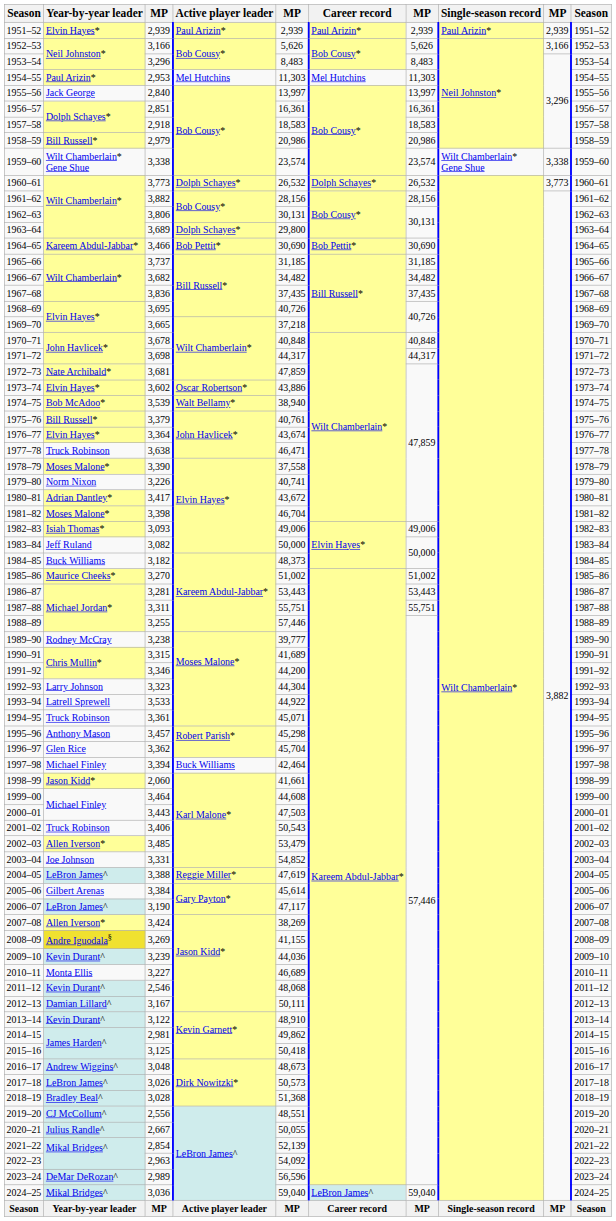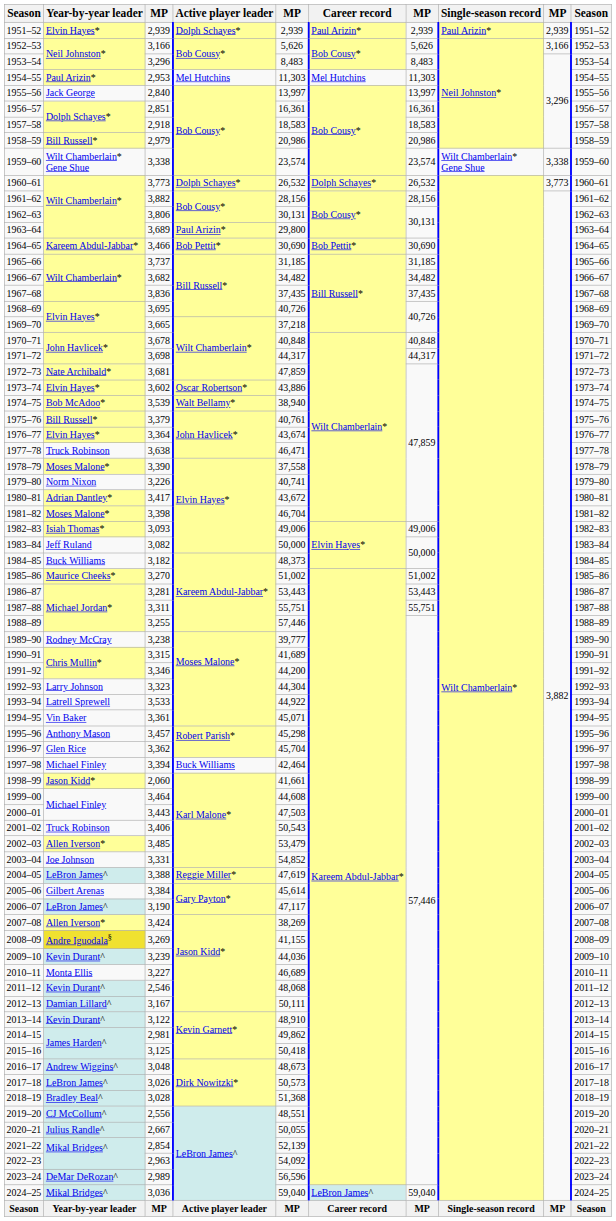 <table class="wikitable">
 <tr style="font-size:115%;">
 <th>Season</th>
 <th>Year-by-year leader</th>
 <th>MP</th>
 <th>Active player leader</th>
 <th>MP</th>
 <th>Career record</th>
 <th>MP</th>
 <th>Single-season record</th>
 <th>MP</th>
 <th>Season</th>
 </tr>
 <tr>
 <td>1951–52</td>
 <td bgcolor="#FFFF99"><a href='#'>Elvin Hayes</a>*</td>
 <td align=center style="border-right: solid blue">2,939</td>
-<td bgcolor="#FFFF99"><a href='#'>Paul Arizin</a>*</td>
+<td bgcolor="#FFFF99"><a href='#'>Dolph Schayes</a>*</td>
 <td align=center style="border-right: solid blue">2,939</td>
 <td bgcolor="#FFFF99"><a href='#'>Paul Arizin</a>*</td>
 <td align=center style="border-right: solid blue">2,939</td>
 <td bgcolor="#FFFF99"><a href='#'>Paul Arizin</a>*</td>
 <td align=center style="border-right: solid blue">2,939</td>
 <td>1951–52</td>
 </tr>
 <tr>
 <td>1952–53</td>
 <td rowspan=2 bgcolor="#FFFF99"><a href='#'>Neil Johnston</a>*</td>
 <td align=center style="border-right: solid blue">3,166</td>
 <td rowspan=2 bgcolor="#FFFF99"><a href='#'>Bob Cousy</a>*</td>
 <td align=center style="border-right: solid blue">5,626</td>
 <td rowspan=2 bgcolor="#FFFF99"><a href='#'>Bob Cousy</a>*</td>
 <td align=center style="border-right: solid blue">5,626</td>
 <td rowspan=7 bgcolor="#FFFF99"><a href='#'>Neil Johnston</a>*</td>
 <td align=center style="border-right: solid blue">3,166</td>
 <td>1952–53</td>
 </tr>
 <tr>
 <td>1953–54</td>
 <td align=center style="border-right: solid blue">3,296</td>
 <td align=center style="border-right: solid blue">8,483</td>
 <td align=center style="border-right: solid blue">8,483</td>
 <td rowspan=6 align=center style="border-right: solid blue">3,296</td>
 <td>1953–54</td>
 </tr>
 <tr>
 <td>1954–55</td>
 <td bgcolor="#FFFF99"><a href='#'>Paul Arizin</a>*</td>
 <td align=center style="border-right: solid blue">2,953</td>
 <td><a href='#'>Mel Hutchins</a></td>
 <td align=center style="border-right: solid blue">11,303</td>
 <td><a href='#'>Mel Hutchins</a></td>
 <td align=center style="border-right: solid blue">11,303</td>
 <td>1954–55</td>
 </tr>
 <tr>
 <td>1955–56</td>
 <td><a href='#'>Jack George</a></td>
 <td align=center style="border-right: solid blue">2,840</td>
 <td rowspan=5 bgcolor="#FFFF99"><a href='#'>Bob Cousy</a>*</td>
 <td align=center style="border-right: solid blue">13,997</td>
 <td rowspan=5 bgcolor="#FFFF99"><a href='#'>Bob Cousy</a>*</td>
 <td align=center style="border-right: solid blue">13,997</td>
 <td>1955–56</td>
 </tr>
 <tr>
 <td>1956–57</td>
 <td rowspan=2 bgcolor="#FFFF99"><a href='#'>Dolph Schayes</a>*</td>
 <td align=center style="border-right: solid blue">2,851</td>
 <td align=center style="border-right: solid blue">16,361</td>
 <td align=center style="border-right: solid blue">16,361</td>
 <td>1956–57</td>
 </tr>
 <tr>
 <td>1957–58</td>
 <td align=center style="border-right: solid blue">2,918</td>
 <td align=center style="border-right: solid blue">18,583</td>
 <td align=center style="border-right: solid blue">18,583</td>
 <td>1957–58</td>
 </tr>
 <tr>
 <td>1958–59</td>
 <td bgcolor="#FFFF99"><a href='#'>Bill Russell</a>*</td>
 <td align=center style="border-right: solid blue">2,979</td>
 <td align=center style="border-right: solid blue">20,986</td>
 <td align=center style="border-right: solid blue">20,986</td>
 <td>1958–59</td>
 </tr>
 <tr>
 <td>1959–60</td>
 <td><div><a href='#'>Wilt Chamberlain</a>*</div><a href='#'>Gene Shue</a></td>
 <td align=center style="border-right: solid blue">3,338</td>
 <td align=center style="border-right: solid blue">23,574</td>
 <td align=center style="border-right: solid blue">23,574</td>
 <td><div><a href='#'>Wilt Chamberlain</a>*</div><a href='#'>Gene Shue</a></td>
 <td align=center style="border-right: solid blue">3,338</td>
 <td>1959–60</td>
 </tr>
 <tr>
 <td>1960–61</td>
 <td rowspan=4 bgcolor="#FFFF99"><a href='#'>Wilt Chamberlain</a>*<br><br></td>
 <td align=center style="border-right: solid blue">3,773</td>
 <td bgcolor="#FFFF99"><a href='#'>Dolph Schayes</a>*</td>
 <td align=center style="border-right: solid blue">26,532</td>
 <td bgcolor="#FFFF99"><a href='#'>Dolph Schayes</a>*</td>
 <td align=center style="border-right: solid blue">26,532</td>
 <td rowspan=65 bgcolor="#FFFF99"><a href='#'>Wilt Chamberlain</a>*</td>
 <td align=center style="border-right: solid blue">3,773</td>
 <td>1960–61</td>
 </tr>
 <tr>
 <td>1961–62</td>
 <td align=center style="border-right: solid blue">3,882</td>
 <td rowspan=2 bgcolor="#FFFF99"><a href='#'>Bob Cousy</a>*</td>
 <td align=center style="border-right: solid blue">28,156</td>
 <td rowspan=3 bgcolor="#FFFF99"><a href='#'>Bob Cousy</a>*</td>
 <td align=center style="border-right: solid blue">28,156</td>
 <td rowspan=64 align=center style="border-right: solid blue">3,882</td>
 <td>1961–62</td>
 </tr>
 <tr>
 <td>1962–63</td>
 <td align=center style="border-right: solid blue">3,806</td>
 <td align=center style="border-right: solid blue">30,131</td>
 <td rowspan=2 align=center style="border-right: solid blue">30,131</td>
 <td>1962–63</td>
 </tr>
 <tr>
 <td>1963–64</td>
 <td align=center style="border-right: solid blue">3,689</td>
-<td bgcolor="#FFFF99"><a href='#'>Dolph Schayes</a>*</td>
+<td bgcolor="#FFFF99"><a href='#'>Paul Arizin</a>*</td>
 <td align=center style="border-right: solid blue">29,800</td>
 <td>1963–64</td>
 </tr>
 <tr>
 <td>1964–65</td>
 <td bgcolor="#FFFF99"><a href='#'>Kareem Abdul-Jabbar</a>*</td>
 <td align=center style="border-right: solid blue">3,466</td>
 <td bgcolor="#FFFF99"><a href='#'>Bob Pettit</a>*</td>
 <td align=center style="border-right: solid blue">30,690</td>
 <td bgcolor="#FFFF99"><a href='#'>Bob Pettit</a>*</td>
 <td align=center style="border-right: solid blue">30,690</td>
 <td>1964–65</td>
 </tr>
 <tr>
 <td>1965–66</td>
 <td rowspan=3 bgcolor="#FFFF99"><a href='#'>Wilt Chamberlain</a>*</td>
 <td align=center style="border-right: solid blue">3,737</td>
 <td rowspan=4 bgcolor="#FFFF99"><a href='#'>Bill Russell</a>*</td>
 <td align=center style="border-right: solid blue">31,185</td>
 <td rowspan=5 bgcolor="#FFFF99"><a href='#'>Bill Russell</a>*</td>
 <td align=center style="border-right: solid blue">31,185</td>
 <td>1965–66</td>
 </tr>
 <tr>
 <td>1966–67</td>
 <td align=center style="border-right: solid blue">3,682</td>
 <td align=center style="border-right: solid blue">34,482</td>
 <td align=center style="border-right: solid blue">34,482</td>
 <td>1966–67</td>
 </tr>
 <tr>
 <td>1967–68</td>
 <td align=center style="border-right: solid blue">3,836</td>
 <td align=center style="border-right: solid blue">37,435</td>
 <td align=center style="border-right: solid blue">37,435</td>
 <td>1967–68</td>
 </tr>
 <tr>
 <td>1968–69</td>
 <td rowspan=2 bgcolor="#FFFF99"><a href='#'>Elvin Hayes</a>*</td>
 <td align=center style="border-right: solid blue">3,695</td>
 <td align=center style="border-right: solid blue">40,726</td>
 <td rowspan=2 align=center style="border-right: solid blue">40,726</td>
 <td>1968–69</td>
 </tr>
 <tr>
 <td>1969–70</td>
 <td align=center style="border-right: solid blue">3,665</td>
 <td rowspan=4 bgcolor="#FFFF99"><a href='#'>Wilt Chamberlain</a>*</td>
 <td align=center style="border-right: solid blue">37,218</td>
 <td>1969–70</td>
 </tr>
 <tr>
 <td>1970–71</td>
 <td rowspan=2 bgcolor="#FFFF99"><a href='#'>John Havlicek</a>*</td>
 <td align=center style="border-right: solid blue">3,678</td>
 <td align=center style="border-right: solid blue">40,848</td>
 <td rowspan=12 bgcolor="#FFFF99"><a href='#'>Wilt Chamberlain</a>*</td>
 <td align=center style="border-right: solid blue">40,848</td>
 <td>1970–71</td>
 </tr>
 <tr>
 <td>1971–72</td>
 <td align=center style="border-right: solid blue">3,698</td>
 <td align=center style="border-right: solid blue">44,317</td>
 <td align=center style="border-right: solid blue">44,317</td>
 <td>1971–72</td>
 </tr>
 <tr>
 <td>1972–73</td>
 <td bgcolor="#FFFF99"><a href='#'>Nate Archibald</a>*</td>
 <td align=center style="border-right: solid blue">3,681</td>
 <td align=center style="border-right: solid blue">47,859</td>
 <td rowspan=10 align=center style="border-right: solid blue">47,859</td>
 <td>1972–73</td>
 </tr>
 <tr>
 <td>1973–74</td>
 <td bgcolor="#FFFF99"><a href='#'>Elvin Hayes</a>*</td>
 <td align=center style="border-right: solid blue">3,602</td>
 <td bgcolor="#FFFF99"><a href='#'>Oscar Robertson</a>*</td>
 <td align=center style="border-right: solid blue">43,886</td>
 <td>1973–74</td>
 </tr>
 <tr>
 <td>1974–75</td>
 <td bgcolor="#FFFF99"><a href='#'>Bob McAdoo</a>*</td>
 <td align=center style="border-right: solid blue">3,539</td>
 <td bgcolor="#FFFF99"><a href='#'>Walt Bellamy</a>*</td>
 <td align=center style="border-right: solid blue">38,940</td>
 <td>1974–75</td>
 </tr>
 <tr>
 <td>1975–76</td>
 <td bgcolor="#FFFF99"><a href='#'>Bill Russell</a>*</td>
 <td align=center style="border-right: solid blue">3,379</td>
 <td rowspan=3 bgcolor="#FFFF99"><a href='#'>John Havlicek</a>*</td>
 <td align=center style="border-right: solid blue">40,761</td>
 <td>1975–76</td>
 </tr>
 <tr>
 <td>1976–77</td>
 <td bgcolor="#FFFF99"><a href='#'>Elvin Hayes</a>*</td>
 <td align=center style="border-right: solid blue">3,364</td>
 <td align=center style="border-right: solid blue">43,674</td>
 <td>1976–77</td>
 </tr>
 <tr>
 <td>1977–78</td>
 <td><a href='#'>Truck Robinson</a></td>
 <td align=center style="border-right: solid blue">3,638</td>
 <td align=center style="border-right: solid blue">46,471</td>
 <td>1977–78</td>
 </tr>
 <tr>
 <td>1978–79</td>
 <td bgcolor="#FFFF99"><a href='#'>Moses Malone</a>*</td>
 <td align=center style="border-right: solid blue">3,390</td>
 <td rowspan=6 bgcolor="#FFFF99"><a href='#'>Elvin Hayes</a>*<br><br></td>
 <td align=center style="border-right: solid blue">37,558</td>
 <td>1978–79</td>
 </tr>
 <tr>
 <td>1979–80</td>
 <td><a href='#'>Norm Nixon</a></td>
 <td align=center style="border-right: solid blue">3,226</td>
 <td align=center style="border-right: solid blue">40,741</td>
 <td>1979–80</td>
 </tr>
 <tr>
 <td>1980–81</td>
 <td bgcolor="#FFFF99"><a href='#'>Adrian Dantley</a>*</td>
 <td align=center style="border-right: solid blue">3,417</td>
 <td align=center style="border-right: solid blue">43,672</td>
 <td>1980–81</td>
 </tr>
 <tr>
 <td>1981–82</td>
 <td bgcolor="#FFFF99"><a href='#'>Moses Malone</a>*</td>
 <td align=center style="border-right: solid blue">3,398</td>
 <td align=center style="border-right: solid blue">46,704</td>
 <td>1981–82</td>
 </tr>
 <tr>
 <td>1982–83</td>
 <td bgcolor="#FFFF99"><a href='#'>Isiah Thomas</a>*</td>
 <td align=center style="border-right: solid blue">3,093</td>
 <td align=center style="border-right: solid blue">49,006</td>
 <td rowspan=3 bgcolor="#FFFF99"><a href='#'>Elvin Hayes</a>*</td>
 <td align=center style="border-right: solid blue">49,006</td>
 <td>1982–83</td>
 </tr>
 <tr>
 <td>1983–84</td>
 <td><a href='#'>Jeff Ruland</a></td>
 <td align=center style="border-right: solid blue">3,082</td>
 <td align=center style="border-right: solid blue">50,000</td>
 <td rowspan=2 align=center style="border-right: solid blue">50,000</td>
 <td>1983–84</td>
 </tr>
 <tr>
 <td>1984–85</td>
 <td><a href='#'>Buck Williams</a></td>
 <td align=center style="border-right: solid blue">3,182</td>
 <td rowspan=5 bgcolor="#FFFF99"><a href='#'>Kareem Abdul-Jabbar</a>*<br></td>
 <td align=center style="border-right: solid blue">48,373</td>
 <td>1984–85</td>
 </tr>
 <tr>
 <td>1985–86</td>
 <td bgcolor="#FFFF99"><a href='#'>Maurice Cheeks</a>*</td>
 <td align=center style="border-right: solid blue">3,270</td>
 <td align=center style="border-right: solid blue">51,002</td>
 <td rowspan=39 bgcolor="#FFFF99"><a href='#'>Kareem Abdul-Jabbar</a>*</td>
 <td align=center style="border-right: solid blue">51,002</td>
 <td>1985–86</td>
 </tr>
 <tr>
 <td>1986–87</td>
 <td rowspan=3 bgcolor="#FFFF99"><a href='#'>Michael Jordan</a>*</td>
 <td align=center style="border-right: solid blue">3,281</td>
 <td align=center style="border-right: solid blue">53,443</td>
 <td align=center style="border-right: solid blue">53,443</td>
 <td>1986–87</td>
 </tr>
 <tr>
 <td>1987–88</td>
 <td align=center style="border-right: solid blue">3,311</td>
 <td align=center style="border-right: solid blue">55,751</td>
 <td align=center style="border-right: solid blue">55,751</td>
 <td>1987–88</td>
 </tr>
 <tr>
 <td>1988–89</td>
 <td align=center style="border-right: solid blue">3,255</td>
 <td align=center style="border-right: solid blue">57,446</td>
 <td rowspan=36 align=center style="border-right: solid blue">57,446</td>
 <td>1988–89</td>
 </tr>
 <tr>
 <td>1989–90</td>
 <td><a href='#'>Rodney McCray</a></td>
 <td align=center style="border-right: solid blue">3,238</td>
 <td rowspan=6 bgcolor="#FFFF99"><a href='#'>Moses Malone</a>*<br><br><br><br></td>
 <td align=center style="border-right: solid blue">39,777</td>
 <td>1989–90</td>
 </tr>
 <tr>
 <td>1990–91</td>
 <td rowspan=2 bgcolor="#FFFF99"><a href='#'>Chris Mullin</a>*</td>
 <td align=center style="border-right: solid blue">3,315</td>
 <td align=center style="border-right: solid blue">41,689</td>
 <td>1990–91</td>
 </tr>
 <tr>
 <td>1991–92</td>
 <td align=center style="border-right: solid blue">3,346</td>
 <td align=center style="border-right: solid blue">44,200</td>
 <td>1991–92</td>
 </tr>
 <tr>
 <td>1992–93</td>
 <td><a href='#'>Larry Johnson</a></td>
 <td align=center style="border-right: solid blue">3,323</td>
 <td align=center style="border-right: solid blue">44,304</td>
 <td>1992–93</td>
 </tr>
 <tr>
 <td>1993–94</td>
 <td><a href='#'>Latrell Sprewell</a></td>
 <td align=center style="border-right: solid blue">3,533</td>
 <td align=center style="border-right: solid blue">44,922</td>
 <td>1993–94</td>
 </tr>
 <tr>
 <td>1994–95</td>
-<td><a href='#'>Truck Robinson</a></td>
+<td><a href='#'>Vin Baker</a></td>
 <td align=center style="border-right: solid blue">3,361</td>
 <td align=center style="border-right: solid blue">45,071</td>
 <td>1994–95</td>
 </tr>
 <tr>
 <td>1995–96</td>
 <td><a href='#'>Anthony Mason</a></td>
 <td align=center style="border-right: solid blue">3,457</td>
 <td rowspan=2 bgcolor="#FFFF99"><a href='#'>Robert Parish</a>*<br><br></td>
 <td align=center style="border-right: solid blue">45,298</td>
 <td>1995–96</td>
 </tr>
 <tr>
 <td>1996–97</td>
 <td><a href='#'>Glen Rice</a></td>
 <td align=center style="border-right: solid blue">3,362</td>
 <td align=center style="border-right: solid blue">45,704</td>
 <td>1996–97</td>
 </tr>
 <tr>
 <td>1997–98</td>
 <td><a href='#'>Michael Finley</a></td>
 <td align=center style="border-right: solid blue">3,394</td>
 <td><a href='#'>Buck Williams</a></td>
 <td align=center style="border-right: solid blue">42,464</td>
 <td>1997–98</td>
 </tr>
 <tr>
 <td>1998–99</td>
 <td bgcolor="#FFFF99"><a href='#'>Jason Kidd</a>*</td>
 <td align=center style="border-right: solid blue">2,060</td>
 <td rowspan=6 bgcolor="#FFFF99"><a href='#'>Karl Malone</a>*<br><br></td>
 <td align=center style="border-right: solid blue">41,661</td>
 <td>1998–99</td>
 </tr>
 <tr>
 <td>1999–00</td>
 <td rowspan=2><a href='#'>Michael Finley</a></td>
 <td align=center style="border-right: solid blue">3,464</td>
 <td align=center style="border-right: solid blue">44,608</td>
 <td>1999–00</td>
 </tr>
 <tr>
 <td>2000–01</td>
 <td align=center style="border-right: solid blue">3,443</td>
 <td align=center style="border-right: solid blue">47,503</td>
 <td>2000–01</td>
 </tr>
 <tr>
 <td>2001–02</td>
 <td><a href='#'>Truck Robinson</a></td>
 <td align=center style="border-right: solid blue">3,406</td>
 <td align=center style="border-right: solid blue">50,543</td>
 <td>2001–02</td>
 </tr>
 <tr>
 <td>2002–03</td>
 <td bgcolor="#FFFF99"><a href='#'>Allen Iverson</a>*</td>
 <td align=center style="border-right: solid blue">3,485</td>
 <td align=center style="border-right: solid blue">53,479</td>
 <td>2002–03</td>
 </tr>
 <tr>
 <td>2003–04</td>
 <td><a href='#'>Joe Johnson</a></td>
 <td align=center style="border-right: solid blue">3,331</td>
 <td align=center style="border-right: solid blue">54,852</td>
 <td>2003–04</td>
 </tr>
 <tr>
 <td>2004–05</td>
 <td bgcolor="#CFECEC"><a href='#'>LeBron James</a>^</td>
 <td align=center style="border-right: solid blue">3,388</td>
 <td bgcolor="#FFFF99"><a href='#'>Reggie Miller</a>*</td>
 <td align=center style="border-right: solid blue">47,619</td>
 <td>2004–05</td>
 </tr>
 <tr>
 <td>2005–06</td>
 <td><a href='#'>Gilbert Arenas</a></td>
 <td align=center style="border-right: solid blue">3,384</td>
 <td rowspan=2 bgcolor="#FFFF99"><a href='#'>Gary Payton</a>*</td>
 <td align=center style="border-right: solid blue">45,614</td>
 <td>2005–06</td>
 </tr>
 <tr>
 <td>2006–07</td>
 <td bgcolor="#CFECEC"><a href='#'>LeBron James</a>^</td>
 <td align=center style="border-right: solid blue">3,190</td>
 <td align=center style="border-right: solid blue">47,117</td>
 <td>2006–07</td>
 </tr>
 <tr>
 <td>2007–08</td>
 <td bgcolor="#FFFF99"><a href='#'>Allen Iverson</a>*</td>
 <td align=center style="border-right: solid blue">3,424</td>
 <td rowspan=6 bgcolor="#FFFF99"><a href='#'>Jason Kidd</a>*<br><br><br></td>
 <td align=center style="border-right: solid blue">38,269</td>
 <td>2007–08</td>
 </tr>
 <tr>
 <td>2008–09</td>
 <td bgcolor="#F0E130"><a href='#'>Andre Iguodala</a><sup>§</sup></td>
 <td align=center style="border-right: solid blue">3,269</td>
 <td align=center style="border-right: solid blue">41,155</td>
 <td>2008–09</td>
 </tr>
 <tr>
 <td>2009–10</td>
 <td bgcolor="#CFECEC"><a href='#'>Kevin Durant</a>^</td>
 <td align=center style="border-right: solid blue">3,239</td>
 <td align=center style="border-right: solid blue">44,036</td>
 <td>2009–10</td>
 </tr>
 <tr>
 <td>2010–11</td>
 <td><a href='#'>Monta Ellis</a></td>
 <td align=center style="border-right: solid blue">3,227</td>
 <td align=center style="border-right: solid blue">46,689</td>
 <td>2010–11</td>
 </tr>
 <tr>
 <td>2011–12</td>
 <td bgcolor="#CFECEC"><a href='#'>Kevin Durant</a>^</td>
 <td align=center style="border-right: solid blue">2,546</td>
 <td align=center style="border-right: solid blue">48,068</td>
 <td>2011–12</td>
 </tr>
 <tr>
 <td>2012–13</td>
 <td bgcolor="#CFECEC"><a href='#'>Damian Lillard</a>^</td>
 <td align=center style="border-right: solid blue">3,167</td>
 <td align=center style="border-right: solid blue">50,111</td>
 <td>2012–13</td>
 </tr>
 <tr>
 <td>2013–14</td>
 <td bgcolor="#CFECEC"><a href='#'>Kevin Durant</a>^</td>
 <td align=center style="border-right: solid blue">3,122</td>
 <td rowspan=3 bgcolor="#FFFF99"><a href='#'>Kevin Garnett</a>*<br><br></td>
 <td align=center style="border-right: solid blue">48,910</td>
 <td>2013–14</td>
 </tr>
 <tr>
 <td>2014–15</td>
 <td rowspan=2 bgcolor="#CFECEC"><a href='#'>James Harden</a>^</td>
 <td align=center style="border-right: solid blue">2,981</td>
 <td align=center style="border-right: solid blue">49,862</td>
 <td>2014–15</td>
 </tr>
 <tr>
 <td>2015–16</td>
 <td align=center style="border-right: solid blue">3,125</td>
 <td align=center style="border-right: solid blue">50,418</td>
 <td>2015–16</td>
 </tr>
 <tr>
 <td>2016–17</td>
 <td bgcolor="#CFECEC"><a href='#'>Andrew Wiggins</a>^</td>
 <td align=center style="border-right: solid blue">3,048</td>
 <td bgcolor="#FFFF99" rowspan=3><a href='#'>Dirk Nowitzki</a>*</td>
 <td align=center style="border-right: solid blue">48,673</td>
 <td>2016–17</td>
 </tr>
 <tr>
 <td>2017–18</td>
 <td bgcolor="#CFECEC"><a href='#'>LeBron James</a>^</td>
 <td align=center style="border-right: solid blue">3,026</td>
 <td align=center style="border-right: solid blue">50,573</td>
 <td>2017–18</td>
 </tr>
 <tr>
 <td>2018–19</td>
 <td bgcolor="#CFECEC"><a href='#'>Bradley Beal</a>^</td>
 <td align=center style="border-right: solid blue">3,028</td>
 <td align=center style="border-right: solid blue">51,368</td>
 <td>2018–19</td>
 </tr>
 <tr>
 <td>2019–20</td>
 <td bgcolor="#CFECEC"><a href='#'>CJ McCollum</a>^</td>
 <td align=center style="border-right: solid blue">2,556</td>
 <td rowspan=6 bgcolor="#CFECEC"><a href='#'>LeBron James</a>^</td>
 <td align=center style="border-right: solid blue">48,551</td>
 <td>2019–20</td>
 </tr>
 <tr>
 <td>2020–21</td>
 <td bgcolor="#CFECEC"><a href='#'>Julius Randle</a>^</td>
 <td align=center style="border-right: solid blue">2,667</td>
 <td align=center style="border-right: solid blue">50,055</td>
 <td>2020–21</td>
 </tr>
 <tr>
 <td>2021–22</td>
 <td bgcolor="#CFECEC" rowspan=2><a href='#'>Mikal Bridges</a>^<br><br></td>
 <td align=center style="border-right: solid blue">2,854</td>
 <td align=center style="border-right: solid blue">52,139</td>
 <td>2021–22</td>
 </tr>
 <tr>
 <td>2022–23</td>
 <td align=center style="border-right: solid blue">2,963</td>
 <td align=center style="border-right: solid blue">54,092</td>
 <td>2022–23</td>
 </tr>
 <tr>
 <td>2023–24</td>
 <td bgcolor="#CFECEC"><a href='#'>DeMar DeRozan</a>^</td>
 <td align=center style="border-right: solid blue">2,989</td>
 <td align=center style="border-right: solid blue">56,596</td>
 <td>2023–24</td>
 </tr>
 <tr>
 <td>2024–25</td>
 <td bgcolor="#CFECEC"><a href='#'>Mikal Bridges</a>^</td>
 <td align=center style="border-right: solid blue">3,036</td>
 <td align=center style="border-right: solid blue">59,040</td>
 <td bgcolor="#CFECEC"><a href='#'>LeBron James</a>^</td>
 <td align=center style="border-right: solid blue">59,040</td>
 <td>2024–25</td>
 </tr>
 <tr>
 <th>Season</th>
 <th>Year-by-year leader</th>
 <th>MP</th>
 <th>Active player leader</th>
 <th>MP</th>
 <th>Career record</th>
 <th>MP</th>
 <th>Single-season record</th>
 <th>MP</th>
 <th>Season</th>
 </tr>
 </table>
